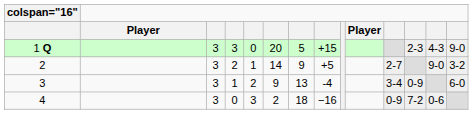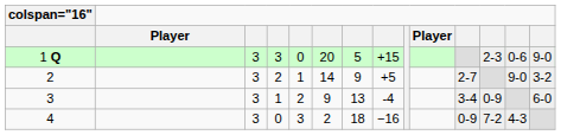 <table class=wikitable style=text-align:center>
 <tr>
 <th>colspan="16" </th>
 </tr>
 <tr>
 <th width=20 abbr=Position></th>
 <th width=175>Player</th>
 <th width=20 abbr=Played></th>
 <th width=20 abbr=Won></th>
 <th width=20 abbr=Lost></th>
 <th width=30 abbr=Points for></th>
 <th width=30 abbr=Points against></th>
 <th width=30 abbr=Points difference></th>
 <th rowspan="5" abbr=H2H></th>
 <th>Player</th>
 <th></th>
 <th></th>
 <th></th>
 <th></th>
 </tr>
 <tr bgcolor=#CCFFCC>
 <td>1 <strong>Q</strong></td>
 <td align=left></td>
 <td>3</td>
 <td>3</td>
 <td>0</td>
 <td>20</td>
 <td>5</td>
 <td>+15</td>
 <td></td>
 <td bgcolor="#dddddd"> </td>
 <td bgcolor="#efefef">2-3</td>
-<td bgcolor="#efefef">4-3</td>
+<td bgcolor="#efefef">0-6</td>
 <td bgcolor="#efefef">9-0</td>
 </tr>
 <tr>
 <td>2 </td>
 <td align=left></td>
 <td>3</td>
 <td>2</td>
 <td>1</td>
 <td>14</td>
 <td>9</td>
 <td>+5</td>
 <td></td>
 <td bgcolor="#efefef">2-7</td>
 <td bgcolor="#dddddd"> </td>
 <td bgcolor="#efefef">9-0</td>
 <td bgcolor="#efefef">3-2</td>
 </tr>
 <tr>
 <td>3</td>
 <td align=left></td>
 <td>3</td>
 <td>1</td>
 <td>2</td>
 <td>9</td>
 <td>13</td>
 <td>-4</td>
 <td></td>
 <td bgcolor="#efefef">3-4</td>
 <td bgcolor="#efefef">0-9</td>
 <td bgcolor="#dddddd"> </td>
 <td bgcolor="#efefef">6-0</td>
 </tr>
 <tr>
 <td>4 </td>
 <td align=left></td>
 <td>3</td>
 <td>0</td>
 <td>3</td>
 <td>2</td>
 <td>18</td>
 <td>−16</td>
 <td></td>
 <td bgcolor="#efefef">0-9</td>
 <td bgcolor="#efefef">7-2</td>
-<td bgcolor="#efefef">0-6</td>
+<td bgcolor="#efefef">4-3</td>
 <td bgcolor="#dddddd"> </td>
 </tr>
 </table>
